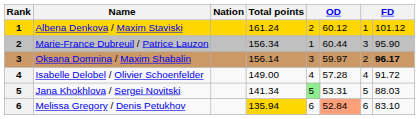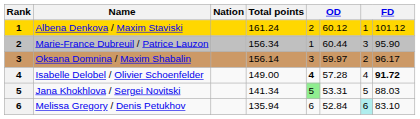 <table class="wikitable">
 <tr>
 <th>Rank</th>
 <th>Name</th>
 <th>Nation</th>
 <th>Total points</th>
 <th colspan="2" width="80px"><a href='#'>OD</a></th>
 <th colspan="2" width="80px"><a href='#'>FD</a></th>
 </tr>
 <tr bgcolor="gold">
 <td align="center"><strong>1</strong></td>
 <td><a href='#'>Albena Denkova</a> / <a href='#'>Maxim Staviski</a></td>
 <td></td>
 <td>161.24</td>
 <td>2</td>
 <td>60.12</td>
 <td>1</td>
 <td>101.12</td>
 </tr>
 <tr bgcolor="silver">
 <td align="center"><strong>2</strong></td>
 <td><a href='#'>Marie-France Dubreuil</a> / <a href='#'>Patrice Lauzon</a></td>
 <td></td>
 <td>156.34</td>
 <td>1</td>
 <td>60.44</td>
 <td>3</td>
 <td>95.90</td>
 </tr>
 <tr bgcolor="cc9966">
 <td align="center"><strong>3</strong></td>
 <td><a href='#'>Oksana Domnina</a> / <a href='#'>Maxim Shabalin</a></td>
 <td></td>
 <td>156.14</td>
 <td>3</td>
 <td>59.97</td>
 <td>2</td>
-<td><strong>96.17</strong></td>
+<td>96.17</td>
 </tr>
 <tr>
 <th>4</th>
 <td><a href='#'>Isabelle Delobel</a> / <a href='#'>Olivier Schoenfelder</a></td>
 <td></td>
 <td>149.00</td>
-<td>4</td>
+<td><strong>4</strong></td>
 <td>57.28</td>
 <td>4</td>
-<td>91.72</td>
+<td><strong>91.72</strong></td>
 </tr>
 <tr>
 <th>5</th>
 <td><a href='#'>Jana Khokhlova</a> / <a href='#'>Sergei Novitski</a></td>
 <td></td>
 <td>141.34</td>
 <td style="background: lightgreen;">5</td>
 <td>53.31</td>
 <td>5</td>
 <td>88.03</td>
 </tr>
 <tr>
 <th>6</th>
 <td><a href='#'>Melissa Gregory</a> / <a href='#'>Denis Petukhov</a></td>
 <td></td>
-<td style="background: gold;">135.94</td>
+<td>135.94</td>
 <td>6</td>
-<td style="background: lightsalmon;">52.84</td>
-<td>6</td>
+<td>52.84</td>
+<td style="background: paleturquoise;">6</td>
 <td>83.10</td>
 </tr>
 </table>
